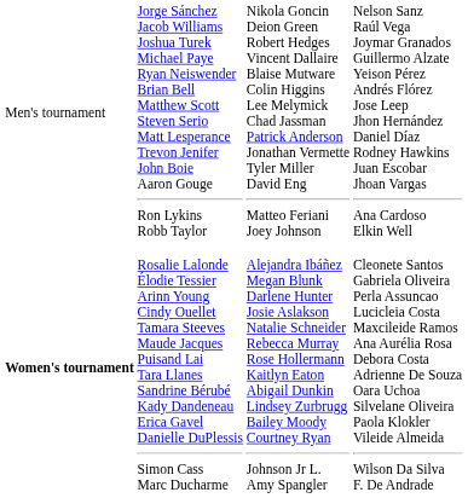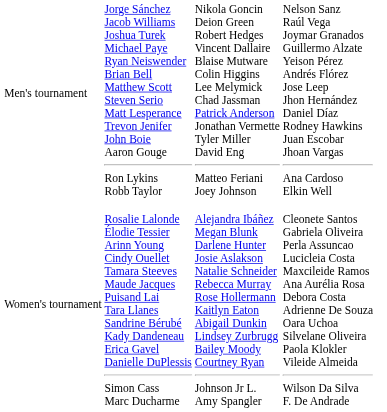 <table>
 <tr>
 <td>Men's tournament</td>
 <td><br><a href='#'>Jorge Sánchez</a><br><a href='#'>Jacob Williams</a><br><a href='#'>Joshua Turek</a><br><a href='#'>Michael Paye</a><br><a href='#'>Ryan Neiswender</a><br><a href='#'>Brian Bell</a><br><a href='#'>Matthew Scott</a><br><a href='#'>Steven Serio</a><br><a href='#'>Matt Lesperance</a><br><a href='#'>Trevon Jenifer</a><br><a href='#'>John Boie</a><br>Aaron Gouge<hr>Ron Lykins<br>Robb Taylor</td>
 <td><br>Nikola Goncin<br>Deion Green<br>Robert Hedges<br>Vincent Dallaire<br>Blaise Mutware<br>Colin Higgins<br>Lee Melymick<br>Chad Jassman<br><a href='#'>Patrick Anderson</a><br>Jonathan Vermette<br>Tyler Miller<br>David Eng<hr>Matteo Feriani<br>Joey Johnson</td>
 <td><br>Nelson Sanz<br>Raúl Vega<br>Joymar Granados<br>Guillermo Alzate<br>Yeison Pérez<br>Andrés Flórez<br>Jose Leep<br>Jhon Hernández<br>Daniel Díaz<br>Rodney Hawkins<br>Juan Escobar<br>Jhoan Vargas<hr>Ana Cardoso<br>Elkin Well</td>
 </tr>
 <tr>
-<td><strong>Women's tournament</strong></td>
+<td>Women's tournament</td>
 <td><br><a href='#'>Rosalie Lalonde</a><br><a href='#'>Élodie Tessier</a><br><a href='#'>Arinn Young</a><br><a href='#'>Cindy Ouellet</a><br><a href='#'>Tamara Steeves</a><br><a href='#'>Maude Jacques</a><br><a href='#'>Puisand Lai</a><br><a href='#'>Tara Llanes</a><br><a href='#'>Sandrine Bérubé</a><br><a href='#'>Kady Dandeneau</a><br><a href='#'>Erica Gavel</a><br><a href='#'>Danielle DuPlessis</a><hr>Simon Cass<br>Marc Ducharme</td>
 <td><br><a href='#'>Alejandra Ibáñez</a><br><a href='#'>Megan Blunk</a><br><a href='#'>Darlene Hunter</a><br><a href='#'>Josie Aslakson</a><br><a href='#'>Natalie Schneider</a><br><a href='#'>Rebecca Murray</a><br><a href='#'>Rose Hollermann</a><br><a href='#'>Kaitlyn Eaton</a><br><a href='#'>Abigail Dunkin</a><br><a href='#'>Lindsey Zurbrugg</a><br><a href='#'>Bailey Moody</a><br><a href='#'>Courtney Ryan</a><hr>Johnson Jr L.<br>Amy Spangler</td>
 <td><br>Cleonete Santos<br>Gabriela Oliveira<br>Perla Assuncao<br>Lucicleia Costa<br>Maxcileide Ramos<br>Ana Aurélia Rosa<br>Debora Costa<br>Adrienne De Souza<br>Oara Uchoa<br>Silvelane Oliveira<br>Paola Klokler<br>Vileide Almeida<hr>Wilson Da Silva<br>F. De Andrade</td>
 </tr>
 </table>
